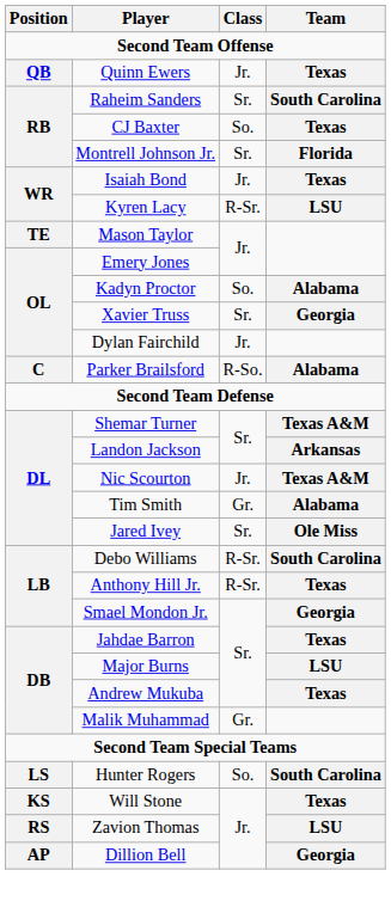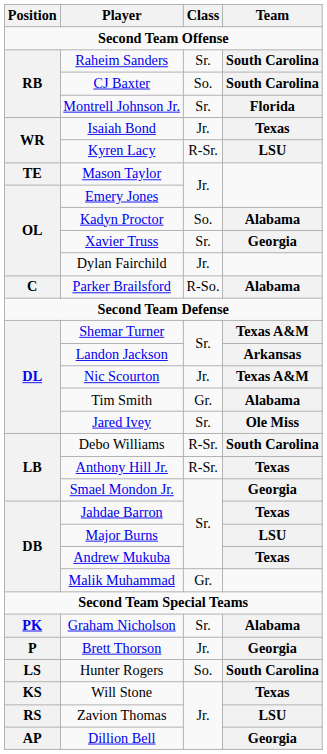 <table class="wikitable">
 <tr>
 <th>Position</th>
 <th>Player</th>
 <th>Class</th>
 <th>Team</th>
 </tr>
 <tr>
 <td colspan="4" style="text-align:center; "><strong>Second Team Offense</strong></td>
 </tr>
 <tr style="text-align:center;">
-<th rowspan="1"><a href='#'>QB</a></th>
-<td><a href='#'>Quinn Ewers</a></td>
-<td>Jr.</td>
-<th>Texas</th>
-</tr>
-<tr style="text-align:center;">
 <th rowspan="3">RB</th>
 <td><a href='#'>Raheim Sanders</a></td>
 <td>Sr.</td>
 <th>South Carolina</th>
 </tr>
 <tr style="text-align:center;">
 <td><a href='#'>CJ Baxter</a></td>
 <td>So.</td>
-<th>Texas</th>
+<th>South Carolina</th>
 </tr>
 <tr style="text-align:center;">
 <td><a href='#'>Montrell Johnson Jr.</a></td>
 <td>Sr.</td>
 <th>Florida</th>
 </tr>
 <tr style="text-align:center;">
 <th rowspan="2">WR</th>
 <td><a href='#'>Isaiah Bond</a></td>
 <td>Jr.</td>
 <th>Texas</th>
 </tr>
 <tr style="text-align:center;">
 <td><a href='#'>Kyren Lacy</a></td>
 <td>R-Sr.</td>
 <th>LSU</th>
 </tr>
 <tr style="text-align:center;">
 <th>TE</th>
 <td><a href='#'>Mason Taylor</a></td>
 <td rowspan=2>Jr.</td>
 </tr>
 <tr style="text-align:center;">
 <th rowspan=4>OL</th>
 <td><a href='#'>Emery Jones</a></td>
 </tr>
 <tr style="text-align:center;">
 <td><a href='#'>Kadyn Proctor</a></td>
 <td>So.</td>
 <th>Alabama</th>
 </tr>
 <tr style="text-align:center;">
 <td><a href='#'>Xavier Truss</a></td>
 <td>Sr.</td>
 <th>Georgia</th>
 </tr>
 <tr style="text-align:center;">
 <td>Dylan Fairchild</td>
 <td>Jr.</td>
 </tr>
 <tr style="text-align:center;">
 <th>C</th>
 <td><a href='#'>Parker Brailsford</a></td>
 <td>R-So.</td>
 <th>Alabama</th>
 </tr>
 <tr style="text-align:center;">
 <td colspan="4" style="text-align:center; "><strong>Second Team Defense</strong></td>
 </tr>
 <tr style="text-align:center;">
 <th rowspan="5"><a href='#'>DL</a></th>
 <td><a href='#'>Shemar Turner</a></td>
 <td rowspan=2>Sr.</td>
 <th>Texas A&M</th>
 </tr>
 <tr style="text-align:center;">
 <td><a href='#'>Landon Jackson</a></td>
 <th>Arkansas</th>
 </tr>
 <tr style="text-align:center;">
 <td><a href='#'>Nic Scourton</a></td>
 <td>Jr.</td>
 <th>Texas A&M</th>
 </tr>
 <tr style="text-align:center;">
 <td>Tim Smith</td>
 <td>Gr.</td>
 <th>Alabama</th>
 </tr>
 <tr style="text-align:center;">
 <td><a href='#'>Jared Ivey</a></td>
 <td>Sr.</td>
 <th>Ole Miss</th>
 </tr>
 <tr style="text-align:center;">
 <th rowspan="3">LB</th>
 <td>Debo Williams</td>
 <td>R-Sr.</td>
 <th>South Carolina</th>
 </tr>
 <tr style="text-align:center;">
 <td><a href='#'>Anthony Hill Jr.</a></td>
 <td>R-Sr.</td>
 <th>Texas</th>
 </tr>
 <tr style="text-align:center;">
 <td><a href='#'>Smael Mondon Jr.</a></td>
 <td rowspan=4>Sr.</td>
 <th>Georgia</th>
 </tr>
 <tr style="text-align:center;">
 <th rowspan="4">DB</th>
 <td><a href='#'>Jahdae Barron</a></td>
 <th>Texas</th>
 </tr>
 <tr style="text-align:center;">
 <td><a href='#'>Major Burns</a></td>
 <th>LSU</th>
 </tr>
 <tr style="text-align:center;">
 <td><a href='#'>Andrew Mukuba</a></td>
 <th>Texas</th>
 </tr>
 <tr style="text-align:center;">
 <td><a href='#'>Malik Muhammad</a></td>
 <td>Gr.</td>
 </tr>
 <tr>
 <td colspan="4" style="text-align:center; "><strong>Second Team Special Teams</strong></td>
 </tr>
 <tr style="text-align:center;">
+<th rowspan="1"><a href='#'>PK</a></th>
+<td><a href='#'>Graham Nicholson</a></td>
+<td>Sr.</td>
+<th>Alabama</th>
+</tr>
+<tr style="text-align:center;">
+<th>P</th>
+<td><a href='#'>Brett Thorson</a></td>
+<td>Jr.</td>
+<th>Georgia</th>
+</tr>
+<tr style="text-align:center;">
 <th>LS</th>
 <td>Hunter Rogers</td>
 <td>So.</td>
 <th>South Carolina</th>
 </tr>
 <tr style="text-align:center;">
 <th>KS</th>
 <td>Will Stone</td>
 <td rowspan=3>Jr.</td>
 <th>Texas</th>
 </tr>
 <tr style="text-align:center;">
 <th>RS</th>
 <td>Zavion Thomas</td>
 <th>LSU</th>
 </tr>
 <tr style="text-align:center;">
 <th>AP</th>
 <td><a href='#'>Dillion Bell</a></td>
 <th>Georgia</th>
 </tr>
 </table>
